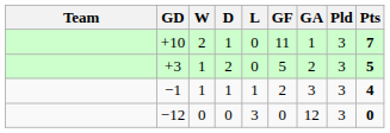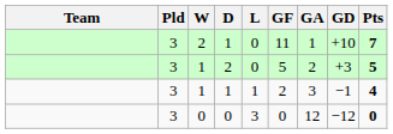 <table class="wikitable" style="text-align:center;">
 <tr>
 <th width=150>Team</th>
-<th width=20>GD</th>
+<th width=20>Pld</th>
 <th width=20>W</th>
 <th width=20>D</th>
 <th width=20>L</th>
 <th width=20>GF</th>
 <th width=20>GA</th>
-<th width=20>Pld</th>
+<th width=20>GD</th>
 <th width=20>Pts</th>
 </tr>
 <tr bgcolor="#ccffcc">
 <td align="left"></td>
-<td>+10</td>
+<td>3</td>
 <td>2</td>
 <td>1</td>
 <td>0</td>
 <td>11</td>
 <td>1</td>
-<td>3</td>
+<td>+10</td>
 <td><strong>7</strong></td>
 </tr>
 <tr bgcolor="#ccffcc">
 <td align="left"></td>
-<td>+3</td>
+<td>3</td>
 <td>1</td>
 <td>2</td>
 <td>0</td>
 <td>5</td>
 <td>2</td>
-<td>3</td>
+<td>+3</td>
 <td><strong>5</strong></td>
 </tr>
 <tr>
 <td align="left"></td>
-<td>−1</td>
+<td>3</td>
 <td>1</td>
 <td>1</td>
 <td>1</td>
 <td>2</td>
 <td>3</td>
-<td>3</td>
+<td>−1</td>
 <td><strong>4</strong></td>
 </tr>
 <tr>
 <td align="left"></td>
-<td>−12</td>
+<td>3</td>
 <td>0</td>
 <td>0</td>
 <td>3</td>
 <td>0</td>
 <td>12</td>
-<td>3</td>
+<td>−12</td>
 <td><strong>0</strong></td>
 </tr>
 </table>
